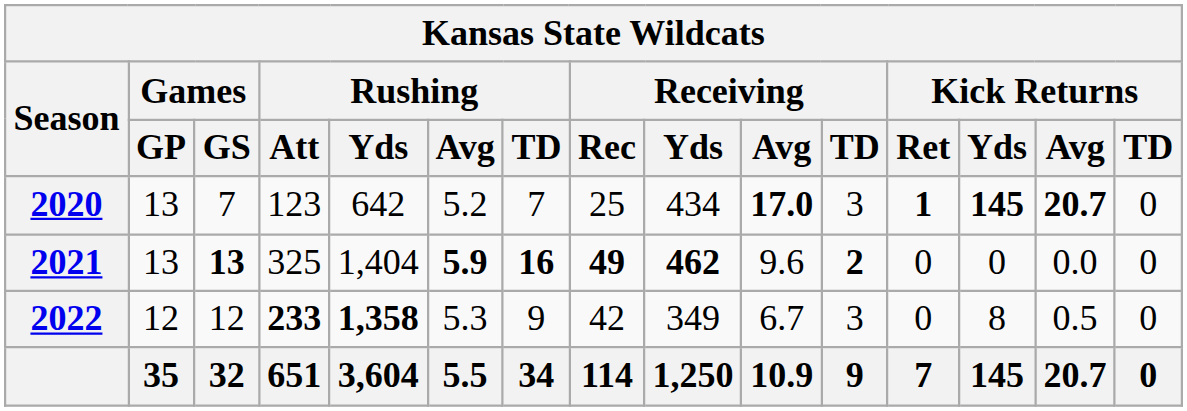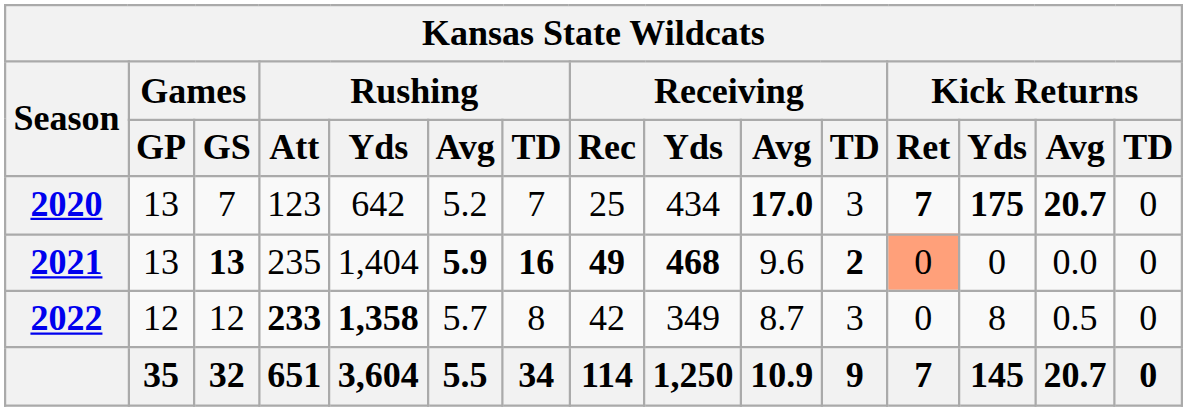 <table class="wikitable" style="text-align:center;">
 <tr>
 <th colspan="15">Kansas State Wildcats</th>
 </tr>
 <tr>
 <th rowspan="2">Season</th>
 <th colspan="2">Games</th>
 <th colspan="4">Rushing</th>
 <th colspan="4">Receiving</th>
 <th colspan="4">Kick Returns</th>
 </tr>
 <tr>
 <th>GP</th>
 <th>GS</th>
 <th>Att</th>
 <th>Yds</th>
 <th>Avg</th>
 <th>TD</th>
 <th>Rec</th>
 <th>Yds</th>
 <th>Avg</th>
 <th>TD</th>
 <th>Ret</th>
 <th>Yds</th>
 <th>Avg</th>
 <th>TD</th>
 </tr>
 <tr>
 <th><a href='#'>2020</a></th>
 <td>13</td>
 <td>7</td>
 <td>123</td>
 <td>642</td>
 <td>5.2</td>
 <td>7</td>
 <td>25</td>
 <td>434</td>
 <td><strong>17.0</strong></td>
 <td>3</td>
-<td><strong>1</strong></td>
-<td><strong>145</strong></td>
+<td><strong>7</strong></td>
+<td><strong>175</strong></td>
 <td><strong>20.7</strong></td>
 <td>0</td>
 </tr>
 <tr>
 <th><a href='#'>2021</a></th>
 <td>13</td>
 <td><strong>13</strong></td>
-<td>325</td>
+<td>235</td>
 <td>1,404</td>
 <td><strong>5.9</strong></td>
 <td><strong>16</strong></td>
 <td><strong>49</strong></td>
-<td><strong>462</strong></td>
+<td><strong>468</strong></td>
 <td>9.6</td>
 <td><strong>2</strong></td>
-<td>0</td>
+<td style="background: lightsalmon;">0</td>
 <td>0</td>
 <td>0.0</td>
 <td>0</td>
 </tr>
 <tr>
 <th><a href='#'>2022</a></th>
 <td>12</td>
 <td>12</td>
 <td><strong>233</strong></td>
 <td><strong>1,358</strong></td>
-<td>5.3</td>
-<td>9</td>
+<td>5.7</td>
+<td>8</td>
 <td>42</td>
 <td>349</td>
-<td>6.7</td>
+<td>8.7</td>
 <td>3</td>
 <td>0</td>
 <td>8</td>
 <td>0.5</td>
 <td>0</td>
 </tr>
 <tr>
 <th></th>
 <th>35</th>
 <th>32</th>
 <th>651</th>
 <th>3,604</th>
 <th>5.5</th>
 <th>34</th>
 <th>114</th>
 <th>1,250</th>
 <th>10.9</th>
 <th>9</th>
 <th>7</th>
 <th>145</th>
 <th>20.7</th>
 <th>0</th>
 </tr>
 </table>
